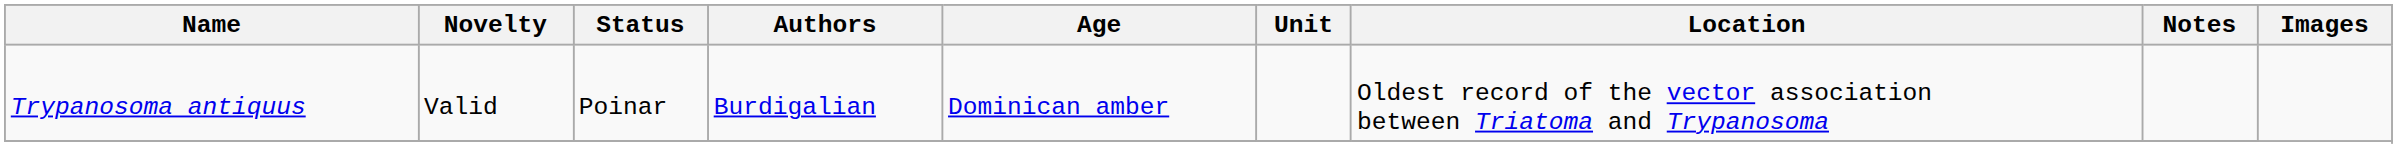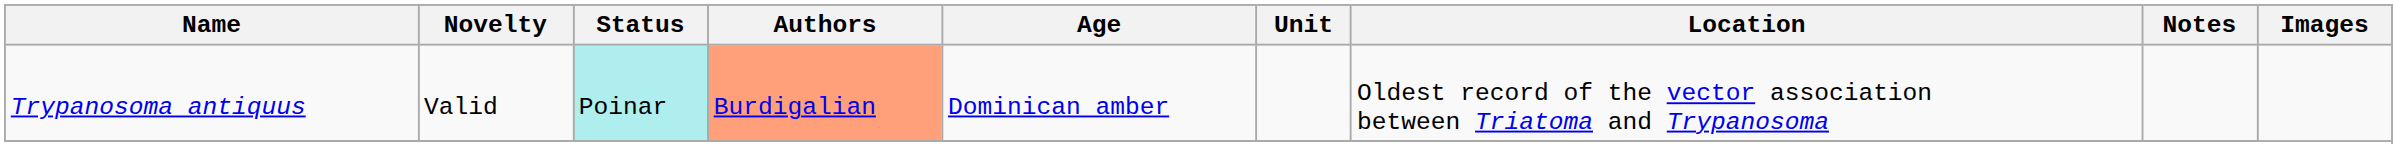 <table class="wikitable sortable" align="center" width="100%">
 <tr>
 <th>Name</th>
 <th>Novelty</th>
 <th>Status</th>
 <th>Authors</th>
 <th>Age</th>
 <th>Unit</th>
 <th>Location</th>
 <th>Notes</th>
 <th>Images</th>
 </tr>
 <tr>
 <td><br><em><a href='#'>Trypanosoma antiquus</a></em></td>
 <td><br>Valid</td>
-<td><br>Poinar</td>
-<td><br><a href='#'>Burdigalian</a></td>
+<td style="background: paleturquoise;"><br>Poinar</td>
+<td style="background: lightsalmon;"><br><a href='#'>Burdigalian</a></td>
 <td><br><a href='#'>Dominican amber</a></td>
 <td><br></td>
 <td><br>Oldest record of the <a href='#'>vector</a> association<br> between <em><a href='#'>Triatoma</a></em> and <em><a href='#'>Trypanosoma</a></em></td>
 <td><br></td>
 </tr>
 <tr>
 </tr>
 </table>
